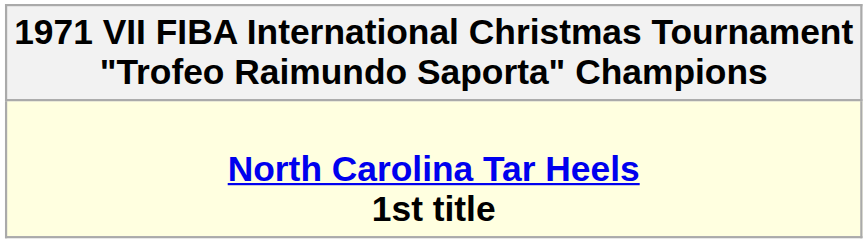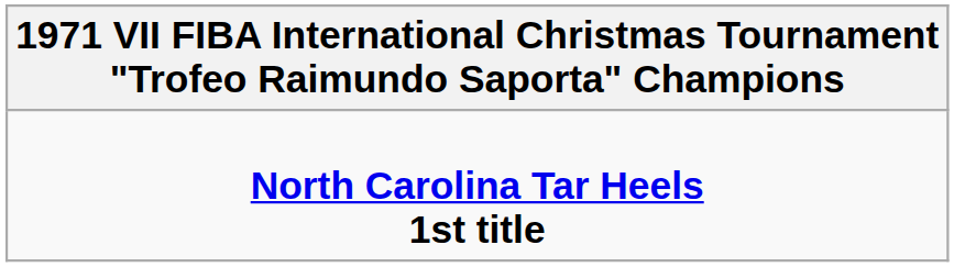 <table class=wikitable style="text-align:center; margin:auto">
 <tr>
 <th>1971 VII FIBA International Christmas Tournament<br>"Trofeo Raimundo Saporta" Champions</th>
 </tr>
 <tr>
-<td style="background: lightyellow;"><br><strong><a href='#'>North Carolina Tar Heels</a></strong><br><strong>1st title</strong></td>
+<td><br><strong><a href='#'>North Carolina Tar Heels</a></strong><br><strong>1st title</strong></td>
 </tr>
 </table>
